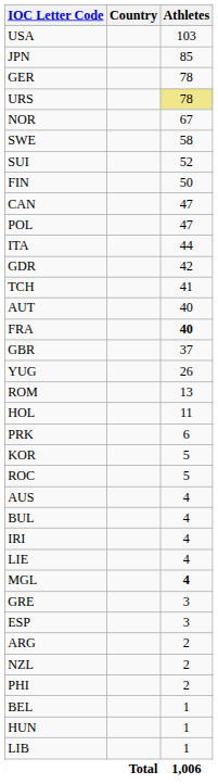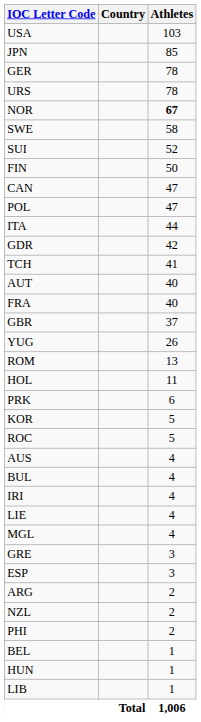 <table class="wikitable collapsible collapsed sortable" style="border:0;">
 <tr>
 <th><a href='#'>IOC Letter Code</a></th>
 <th>Country</th>
 <th>Athletes</th>
 </tr>
 <tr>
 <td>USA</td>
 <td></td>
 <td align=center>103</td>
 </tr>
 <tr>
 <td>JPN</td>
 <td></td>
 <td align=center>85</td>
 </tr>
 <tr>
 <td>GER</td>
 <td></td>
 <td align=center>78</td>
 </tr>
 <tr>
 <td>URS</td>
 <td></td>
-<td align=center style="background: khaki;">78</td>
+<td align=center>78</td>
 </tr>
 <tr>
 <td>NOR</td>
 <td></td>
-<td align=center>67</td>
+<td align=center><strong>67</strong></td>
 </tr>
 <tr>
 <td>SWE</td>
 <td></td>
 <td align=center>58</td>
 </tr>
 <tr>
 <td>SUI</td>
 <td></td>
 <td align=center>52</td>
 </tr>
 <tr>
 <td>FIN</td>
 <td></td>
 <td align=center>50</td>
 </tr>
 <tr>
 <td>CAN</td>
 <td></td>
 <td align=center>47</td>
 </tr>
 <tr>
 <td>POL</td>
 <td></td>
 <td align=center>47</td>
 </tr>
 <tr>
 <td>ITA</td>
 <td></td>
 <td align=center>44</td>
 </tr>
 <tr>
 <td>GDR</td>
 <td></td>
 <td align=center>42</td>
 </tr>
 <tr>
 <td>TCH</td>
 <td></td>
 <td align=center>41</td>
 </tr>
 <tr>
 <td>AUT</td>
 <td></td>
 <td align=center>40</td>
 </tr>
 <tr>
 <td>FRA</td>
 <td></td>
-<td align=center><strong>40</strong></td>
+<td align=center>40</td>
 </tr>
 <tr>
 <td>GBR</td>
 <td></td>
 <td align=center>37</td>
 </tr>
 <tr>
 <td>YUG</td>
 <td></td>
 <td align=center>26</td>
 </tr>
 <tr>
 <td>ROM</td>
 <td></td>
 <td align=center>13</td>
 </tr>
 <tr>
 <td>HOL</td>
 <td></td>
 <td align=center>11</td>
 </tr>
 <tr>
 <td>PRK</td>
 <td></td>
 <td align=center>6</td>
 </tr>
 <tr>
 <td>KOR</td>
 <td></td>
 <td align=center>5</td>
 </tr>
 <tr>
 <td>ROC</td>
 <td></td>
 <td align=center>5</td>
 </tr>
 <tr>
 <td>AUS</td>
 <td></td>
 <td align=center>4</td>
 </tr>
 <tr>
 <td>BUL</td>
 <td></td>
 <td align=center>4</td>
 </tr>
 <tr>
 <td>IRI</td>
 <td></td>
 <td align=center>4</td>
 </tr>
 <tr>
 <td>LIE</td>
 <td></td>
 <td align=center>4</td>
 </tr>
 <tr>
 <td>MGL</td>
 <td></td>
-<td align=center><strong>4</strong></td>
+<td align=center>4</td>
 </tr>
 <tr>
 <td>GRE</td>
 <td></td>
 <td align=center>3</td>
 </tr>
 <tr>
 <td>ESP</td>
 <td></td>
 <td align=center>3</td>
 </tr>
 <tr>
 <td>ARG</td>
 <td></td>
 <td align=center>2</td>
 </tr>
 <tr>
 <td>NZL</td>
 <td></td>
 <td align=center>2</td>
 </tr>
 <tr>
 <td>PHI</td>
 <td></td>
 <td align=center>2</td>
 </tr>
 <tr>
 <td>BEL</td>
 <td></td>
 <td align=center>1</td>
 </tr>
 <tr>
 <td>HUN</td>
 <td></td>
 <td align=center>1</td>
 </tr>
 <tr>
 <td>LIB</td>
 <td></td>
 <td align=center>1</td>
 </tr>
 <tr class="sortbottom">
 <td colspan=2; style="text-align:right; border:0px; background:#fff;"><strong>Total</strong></td>
 <td style="text-align:center; border:0px; background:#fff;"><strong>1,006</strong></td>
 </tr>
 <tr>
 </tr>
 </table>
